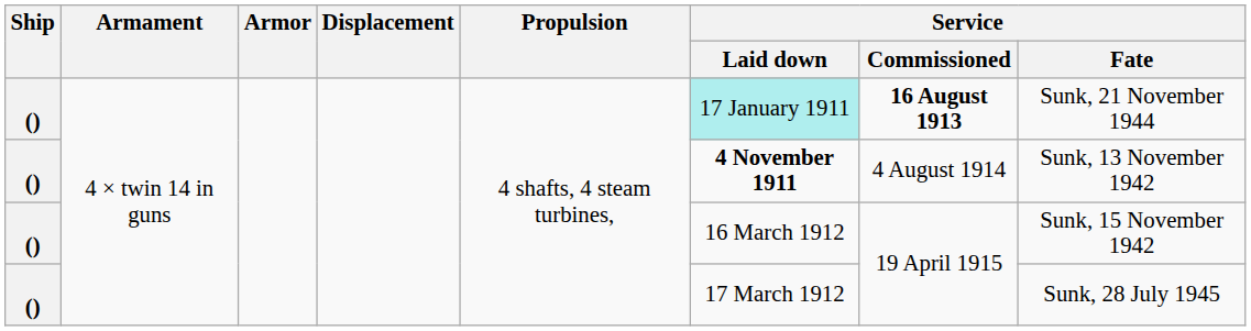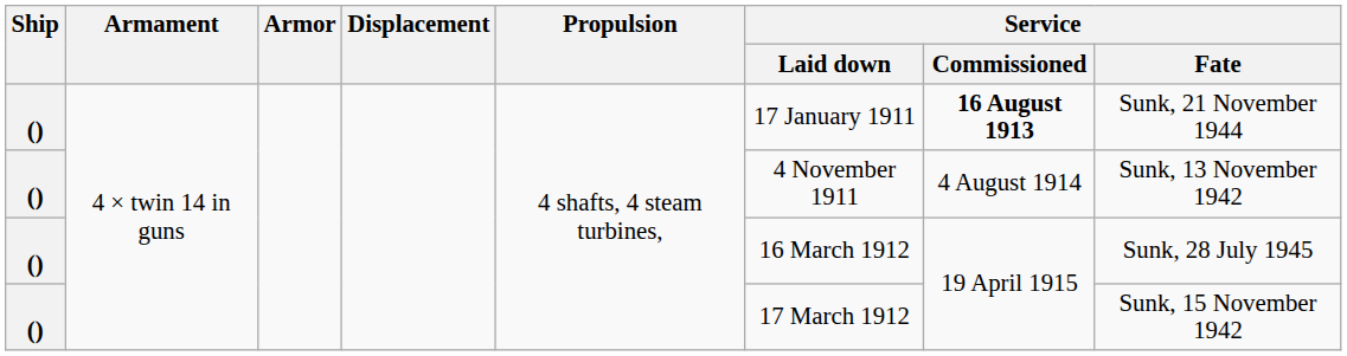 <table class="wikitable plainrowheaders" style="text-align: center;">
 <tr valign="top">
 <th scope="col" rowspan="2">Ship</th>
 <th scope="col" rowspan="2">Armament</th>
 <th scope="col" rowspan="2">Armor</th>
 <th scope="col" rowspan="2">Displacement</th>
 <th scope="col" rowspan="2">Propulsion</th>
 <th scope="col" colspan="3">Service</th>
 </tr>
 <tr valign="top">
 <th scope="col">Laid down</th>
 <th scope="col">Commissioned</th>
 <th scope="col">Fate</th>
 </tr>
 <tr valign="center">
 <th scope="row"><br>()</th>
 <td rowspan="4">4 × twin 14 in guns</td>
 <td rowspan="4"></td>
 <td rowspan="4"></td>
 <td rowspan="4">4 shafts, 4 steam turbines,<br></td>
-<td style="background: paleturquoise;">17 January 1911</td>
+<td>17 January 1911</td>
 <td><strong>16 August 1913</strong></td>
 <td>Sunk, 21 November 1944</td>
 </tr>
 <tr valign="center">
 <th scope="row"><br>()</th>
-<td><strong>4 November 1911</strong></td>
+<td>4 November 1911</td>
 <td>4 August 1914</td>
 <td>Sunk, 13 November 1942</td>
 </tr>
 <tr valign="center">
 <th scope="row"><br>()</th>
 <td>16 March 1912</td>
 <td rowspan=2>19 April 1915</td>
-<td>Sunk, 15 November 1942</td>
+<td>Sunk, 28 July 1945 </td>
 </tr>
 <tr valign="center">
 <th scope="row"><br>()</th>
 <td>17 March 1912</td>
-<td>Sunk, 28 July 1945 </td>
+<td>Sunk, 15 November 1942</td>
 </tr>
 </table>
